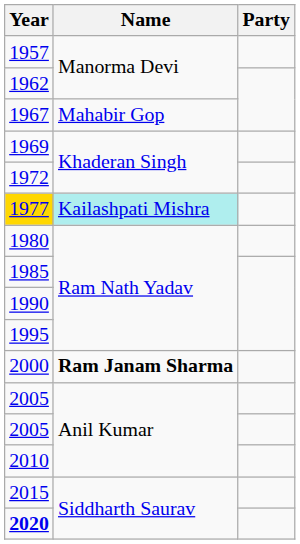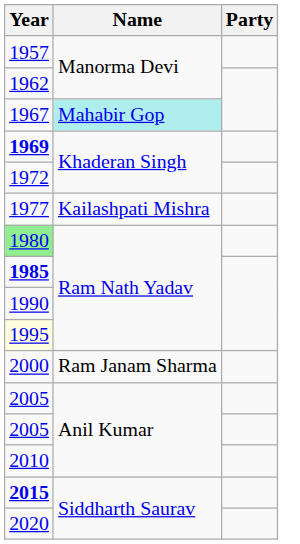 <table class="wikitable sortable">
 <tr>
 <th>Year</th>
 <th>Name</th>
 <th colspan="2">Party</th>
 </tr>
 <tr>
 <td><a href='#'>1957</a></td>
 <td rowspan="2">Manorma Devi</td>
 <td></td>
 </tr>
 <tr>
 <td><a href='#'>1962</a></td>
 </tr>
 <tr>
 <td><a href='#'>1967</a></td>
-<td><a href='#'>Mahabir Gop</a></td>
+<td style="background: paleturquoise;"><a href='#'>Mahabir Gop</a></td>
 </tr>
 <tr>
-<td><a href='#'>1969</a></td>
+<td><strong><a href='#'>1969</a></strong></td>
 <td rowspan="2"><a href='#'>Khaderan Singh</a></td>
 <td></td>
 </tr>
 <tr>
 <td><a href='#'>1972</a></td>
 <td></td>
 </tr>
 <tr>
-<td style="background: gold;"><a href='#'>1977</a></td>
-<td style="background: paleturquoise;"><a href='#'>Kailashpati Mishra</a></td>
+<td><a href='#'>1977</a></td>
+<td><a href='#'>Kailashpati Mishra</a></td>
 <td></td>
 </tr>
 <tr>
-<td><a href='#'>1980</a></td>
+<td style="background: lightgreen;"><a href='#'>1980</a></td>
 <td rowspan="4"><a href='#'>Ram Nath Yadav</a></td>
 <td></td>
 </tr>
 <tr>
-<td><a href='#'>1985</a></td>
+<td><strong><a href='#'>1985</a></strong></td>
 </tr>
 <tr>
 <td><a href='#'>1990</a></td>
 </tr>
 <tr>
-<td><a href='#'>1995</a></td>
+<td style="background: lightyellow;"><a href='#'>1995</a></td>
 </tr>
 <tr>
 <td><a href='#'>2000</a></td>
-<td><strong>Ram Janam  Sharma</strong></td>
+<td>Ram Janam  Sharma</td>
 <td></td>
 </tr>
 <tr>
 <td><a href='#'>2005</a></td>
 <td rowspan="3">Anil Kumar</td>
 <td></td>
 </tr>
 <tr>
 <td><a href='#'>2005</a></td>
 <td></td>
 </tr>
 <tr>
 <td><a href='#'>2010</a></td>
 </tr>
 <tr>
-<td><a href='#'>2015</a></td>
+<td><strong><a href='#'>2015</a></strong></td>
 <td rowspan="2"><a href='#'>Siddharth Saurav</a></td>
 <td></td>
 </tr>
 <tr>
-<td><strong><a href='#'>2020</a></strong></td>
+<td><a href='#'>2020</a></td>
 </tr>
 </table>
